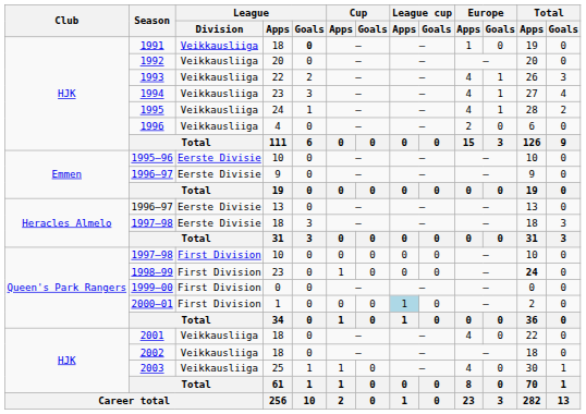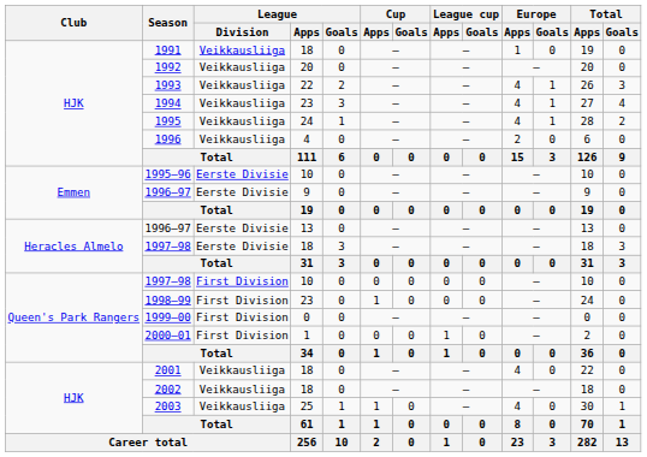 <table class="wikitable" style="text-align:center">
 <tr>
 <th rowspan="2">Club</th>
 <th rowspan="2">Season</th>
 <th colspan="3">League</th>
 <th colspan="2">Cup</th>
 <th colspan="2">League cup</th>
 <th colspan="2">Europe</th>
 <th colspan="2">Total</th>
 </tr>
 <tr>
 <th>Division</th>
 <th>Apps</th>
 <th>Goals</th>
 <th>Apps</th>
 <th>Goals</th>
 <th>Apps</th>
 <th>Goals</th>
 <th>Apps</th>
 <th>Goals</th>
 <th>Apps</th>
 <th>Goals</th>
 </tr>
 <tr>
 <td rowspan=7><a href='#'>HJK</a></td>
 <td><a href='#'>1991</a></td>
 <td><a href='#'>Veikkausliiga</a></td>
 <td>18</td>
-<td><strong>0</strong></td>
+<td>0</td>
 <td colspan=2>–</td>
 <td colspan=2>–</td>
 <td>1</td>
 <td>0</td>
 <td>19</td>
 <td>0</td>
 </tr>
 <tr>
 <td><a href='#'>1992</a></td>
 <td>Veikkausliiga</td>
 <td>20</td>
 <td>0</td>
 <td colspan=2>–</td>
 <td colspan=2>–</td>
 <td colspan=2>–</td>
 <td>20</td>
 <td>0</td>
 </tr>
 <tr>
 <td><a href='#'>1993</a></td>
 <td>Veikkausliiga</td>
 <td>22</td>
 <td>2</td>
 <td colspan=2>–</td>
 <td colspan=2>–</td>
 <td>4</td>
 <td>1</td>
 <td>26</td>
 <td>3</td>
 </tr>
 <tr>
 <td><a href='#'>1994</a></td>
 <td>Veikkausliiga</td>
 <td>23</td>
 <td>3</td>
 <td colspan=2>–</td>
 <td colspan=2>–</td>
 <td>4</td>
 <td>1</td>
 <td>27</td>
 <td>4</td>
 </tr>
 <tr>
 <td><a href='#'>1995</a></td>
 <td>Veikkausliiga</td>
 <td>24</td>
 <td>1</td>
 <td colspan=2>–</td>
 <td colspan=2>–</td>
 <td>4</td>
 <td>1</td>
 <td>28</td>
 <td>2</td>
 </tr>
 <tr>
 <td><a href='#'>1996</a></td>
 <td>Veikkausliiga</td>
 <td>4</td>
 <td>0</td>
 <td colspan=2>–</td>
 <td colspan=2>–</td>
 <td>2</td>
 <td>0</td>
 <td>6</td>
 <td>0</td>
 </tr>
 <tr>
 <th colspan=2>Total</th>
 <th>111</th>
 <th>6</th>
 <th>0</th>
 <th>0</th>
 <th>0</th>
 <th>0</th>
 <th>15</th>
 <th>3</th>
 <th>126</th>
 <th>9</th>
 </tr>
 <tr>
 <td rowspan=3><a href='#'>Emmen</a></td>
 <td><a href='#'>1995–96</a></td>
 <td><a href='#'>Eerste Divisie</a></td>
 <td>10</td>
 <td>0</td>
 <td colspan=2>–</td>
 <td colspan=2>–</td>
 <td colspan=2>–</td>
 <td>10</td>
 <td>0</td>
 </tr>
 <tr>
 <td><a href='#'>1996–97</a></td>
 <td>Eerste Divisie</td>
 <td>9</td>
 <td>0</td>
 <td colspan=2>–</td>
 <td colspan=2>–</td>
 <td colspan=2>–</td>
 <td>9</td>
 <td>0</td>
 </tr>
 <tr>
 <th colspan=2>Total</th>
 <th>19</th>
 <th>0</th>
 <th>0</th>
 <th>0</th>
 <th>0</th>
 <th>0</th>
 <th>0</th>
 <th>0</th>
 <th>19</th>
 <th>0</th>
 </tr>
 <tr>
 <td rowspan=3><a href='#'>Heracles Almelo</a></td>
 <td>1996–97</td>
 <td>Eerste Divisie</td>
 <td>13</td>
 <td>0</td>
 <td colspan=2>–</td>
 <td colspan=2>–</td>
 <td colspan=2>–</td>
 <td>13</td>
 <td>0</td>
 </tr>
 <tr>
 <td><a href='#'>1997–98</a></td>
 <td>Eerste Divisie</td>
 <td>18</td>
 <td>3</td>
 <td colspan=2>–</td>
 <td colspan=2>–</td>
 <td colspan=2>–</td>
 <td>18</td>
 <td>3</td>
 </tr>
 <tr>
 <th colspan=2>Total</th>
 <th>31</th>
 <th>3</th>
 <th>0</th>
 <th>0</th>
 <th>0</th>
 <th>0</th>
 <th>0</th>
 <th>0</th>
 <th>31</th>
 <th>3</th>
 </tr>
 <tr>
 <td rowspan=5><a href='#'>Queen's Park Rangers</a></td>
 <td><a href='#'>1997–98</a></td>
 <td><a href='#'>First Division</a></td>
 <td>10</td>
 <td>0</td>
 <td>0</td>
 <td>0</td>
 <td>0</td>
 <td>0</td>
 <td colspan=2>–</td>
 <td>10</td>
 <td>0</td>
 </tr>
 <tr>
 <td><a href='#'>1998–99</a></td>
 <td>First Division</td>
 <td>23</td>
 <td>0</td>
 <td>1</td>
 <td>0</td>
 <td>0</td>
 <td>0</td>
 <td colspan=2>–</td>
-<td><strong>24</strong></td>
+<td>24</td>
 <td>0</td>
 </tr>
 <tr>
 <td><a href='#'>1999–00</a></td>
 <td>First Division</td>
 <td>0</td>
 <td>0</td>
 <td colspan=2>–</td>
 <td colspan=2>–</td>
 <td colspan=2>–</td>
 <td>0</td>
 <td>0</td>
 </tr>
 <tr>
 <td><a href='#'>2000–01</a></td>
 <td>First Division</td>
 <td>1</td>
 <td>0</td>
 <td>0</td>
 <td>0</td>
-<td style="background: lightblue;">1</td>
+<td>1</td>
 <td>0</td>
 <td colspan=2>–</td>
 <td>2</td>
 <td>0</td>
 </tr>
 <tr>
 <th colspan=2>Total</th>
 <th>34</th>
 <th>0</th>
 <th>1</th>
 <th>0</th>
 <th>1</th>
 <th>0</th>
 <th>0</th>
 <th>0</th>
 <th>36</th>
 <th>0</th>
 </tr>
 <tr>
 <td rowspan=4><a href='#'>HJK</a></td>
 <td><a href='#'>2001</a></td>
 <td>Veikkausliiga</td>
 <td>18</td>
 <td>0</td>
 <td colspan=2>–</td>
 <td colspan=2>–</td>
 <td>4</td>
 <td>0</td>
 <td>22</td>
 <td>0</td>
 </tr>
 <tr>
 <td><a href='#'>2002</a></td>
 <td>Veikkausliiga</td>
 <td>18</td>
 <td>0</td>
 <td colspan=2>–</td>
 <td colspan=2>–</td>
 <td colspan=2>–</td>
 <td>18</td>
 <td>0</td>
 </tr>
 <tr>
 <td><a href='#'>2003</a></td>
 <td>Veikkausliiga</td>
 <td>25</td>
 <td>1</td>
 <td>1</td>
 <td>0</td>
 <td colspan=2>–</td>
 <td>4</td>
 <td>0</td>
 <td>30</td>
 <td>1</td>
 </tr>
 <tr>
 <th colspan=2>Total</th>
 <th>61</th>
 <th>1</th>
 <th>1</th>
 <th>0</th>
 <th>0</th>
 <th>0</th>
 <th>8</th>
 <th>0</th>
 <th>70</th>
 <th>1</th>
 </tr>
 <tr>
 <th colspan="3">Career total</th>
 <th>256</th>
 <th>10</th>
 <th>2</th>
 <th>0</th>
 <th>1</th>
 <th>0</th>
 <th>23</th>
 <th>3</th>
 <th>282</th>
 <th>13</th>
 </tr>
 </table>
